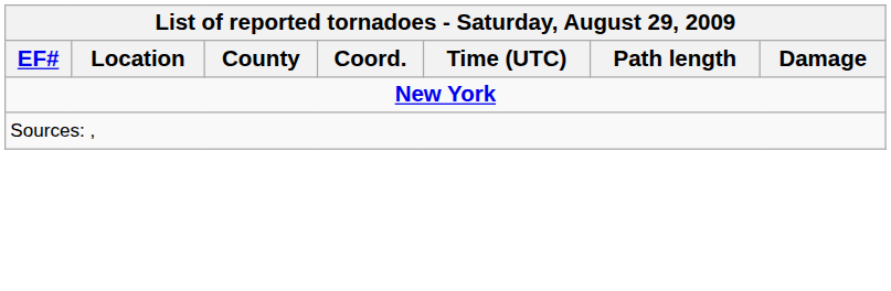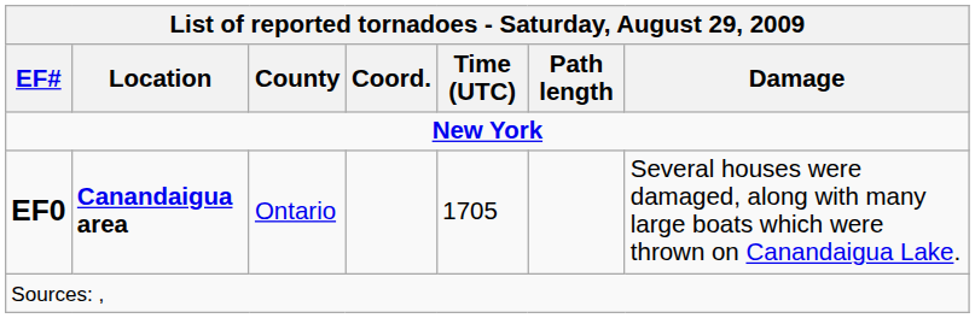 <table class="wikitable collapsible" style="width:100%;">
 <tr>
 <th colspan="7">List of reported tornadoes - Saturday, August 29, 2009</th>
 </tr>
 <tr>
 <th><a href='#'>EF#</a></th>
 <th>Location</th>
 <th>County</th>
 <th>Coord.</th>
 <th>Time (UTC)</th>
 <th>Path length</th>
 <th>Damage</th>
 </tr>
 <tr>
 <td colspan="7" style="text-align:center;"><strong><a href='#'>New York</a></strong></td>
 </tr>
 <tr>
+<td><big><strong>EF0</strong></big></td>
+<td><strong><a href='#'>Canandaigua</a> area</strong></td>
+<td><a href='#'>Ontario</a></td>
+<td></td>
+<td>1705</td>
+<td></td>
+<td>Several houses were damaged, along with many large boats which were thrown on <a href='#'>Canandaigua Lake</a>.</td>
+</tr>
+<tr>
 <td colspan="7"><small>Sources: , </small></td>
 </tr>
 </table>
